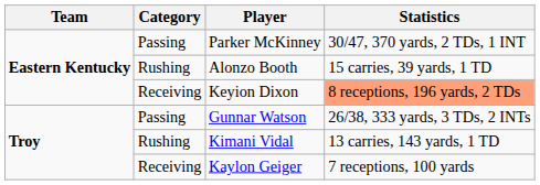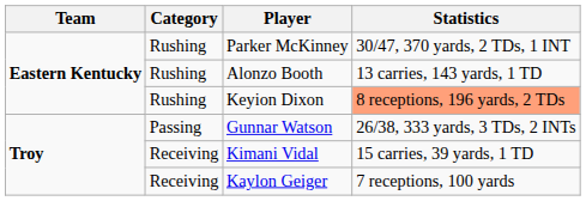 <table class="wikitable" style="float: left;">
 <tr>
 <th>Team</th>
 <th>Category</th>
 <th>Player</th>
 <th>Statistics</th>
 </tr>
 <tr>
 <td rowspan=3><strong>Eastern Kentucky</strong></td>
-<td>Passing</td>
+<td>Rushing</td>
 <td>Parker McKinney</td>
 <td>30/47, 370 yards, 2 TDs, 1 INT</td>
 </tr>
 <tr>
 <td>Rushing</td>
 <td>Alonzo Booth</td>
-<td>15 carries, 39 yards, 1 TD</td>
+<td>13 carries, 143 yards, 1 TD</td>
 </tr>
 <tr>
-<td>Receiving</td>
+<td>Rushing</td>
 <td>Keyion Dixon</td>
 <td style="background: lightsalmon;">8 receptions, 196 yards, 2 TDs</td>
 </tr>
 <tr>
 <td rowspan=3><strong>Troy</strong></td>
 <td>Passing</td>
 <td><a href='#'>Gunnar Watson</a></td>
 <td>26/38, 333 yards, 3 TDs, 2 INTs</td>
 </tr>
 <tr>
-<td>Rushing</td>
+<td>Receiving</td>
 <td><a href='#'>Kimani Vidal</a></td>
-<td>13 carries, 143 yards, 1 TD</td>
+<td>15 carries, 39 yards, 1 TD</td>
 </tr>
 <tr>
 <td>Receiving</td>
 <td><a href='#'>Kaylon Geiger</a></td>
 <td>7 receptions, 100 yards</td>
 </tr>
 </table>
